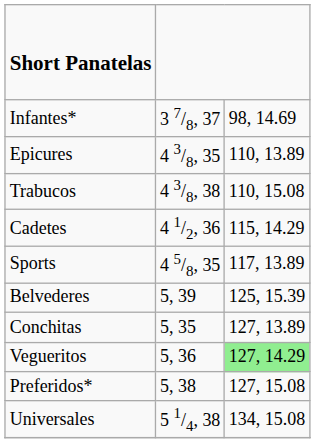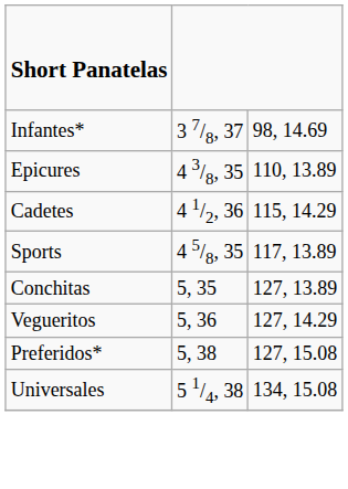 <table class="wikitable" style="font-size: 85%; margin:1em auto;">
 <tr>
 <td><br><h3>Short Panatelas</h3></td>
 </tr>
 <tr>
 <td>Infantes*</td>
 <td>3 <sup>7</sup>/<sub>8</sub>, 37</td>
 <td>98, 14.69</td>
 </tr>
 <tr>
 <td>Epicures</td>
 <td>4 <sup>3</sup>/<sub>8</sub>, 35</td>
 <td>110, 13.89</td>
 </tr>
 <tr>
-<td>Trabucos</td>
-<td>4 <sup>3</sup>/<sub>8</sub>, 38</td>
-<td>110, 15.08</td>
-</tr>
-<tr>
 <td>Cadetes</td>
 <td>4 <sup>1</sup>/<sub>2</sub>, 36</td>
 <td>115, 14.29</td>
 </tr>
 <tr>
 <td>Sports</td>
 <td>4 <sup>5</sup>/<sub>8</sub>, 35</td>
 <td>117, 13.89</td>
 </tr>
 <tr>
-<td>Belvederes</td>
-<td>5, 39</td>
-<td>125, 15.39</td>
-</tr>
-<tr>
 <td>Conchitas</td>
 <td>5, 35</td>
 <td>127, 13.89</td>
 </tr>
 <tr>
 <td>Vegueritos</td>
 <td>5, 36</td>
-<td style="background: lightgreen;">127, 14.29</td>
+<td>127, 14.29</td>
 </tr>
 <tr>
 <td>Preferidos*</td>
 <td>5, 38</td>
 <td>127, 15.08</td>
 </tr>
 <tr>
 <td>Universales</td>
 <td>5 <sup>1</sup>/<sub>4</sub>, 38</td>
 <td>134, 15.08</td>
 </tr>
 <tr>
 </tr>
 </table>
